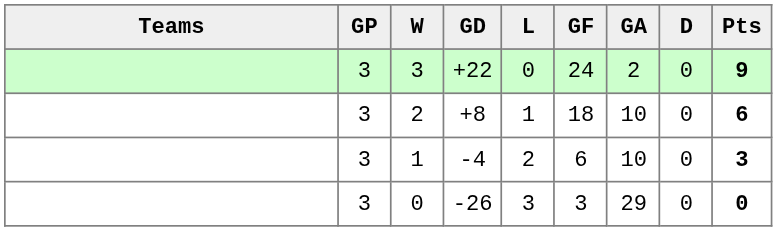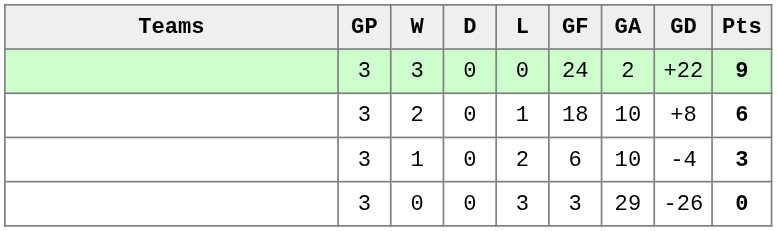 <table style=border-collapse:collapse border=1 cellspacing=0 cellpadding=5>
 <tr align=center bgcolor=#efefef>
 <th width=185>Teams</th>
 <th width=20>GP</th>
 <th width=20>W</th>
-<th width=20>GD</th>
+<th width=20>D</th>
 <th width=20>L</th>
 <th width=20>GF</th>
 <th width=20>GA</th>
-<th width=20>D</th>
+<th width=20>GD</th>
 <th width=20>Pts<br></th>
 </tr>
 <tr align=center bgcolor="ccffcc">
 <td style="text-align:left;"></td>
 <td>3</td>
 <td>3</td>
-<td>+22</td>
+<td>0</td>
 <td>0</td>
 <td>24</td>
 <td>2</td>
-<td>0</td>
+<td>+22</td>
 <td><strong>9</strong></td>
 </tr>
 <tr align=center>
 <td style="text-align:left;"></td>
 <td>3</td>
 <td>2</td>
-<td>+8</td>
+<td>0</td>
 <td>1</td>
 <td>18</td>
 <td>10</td>
-<td>0</td>
+<td>+8</td>
 <td><strong>6</strong></td>
 </tr>
 <tr align=center>
 <td style="text-align:left;"></td>
 <td>3</td>
 <td>1</td>
-<td>-4</td>
+<td>0</td>
 <td>2</td>
 <td>6</td>
 <td>10</td>
-<td>0</td>
+<td>-4</td>
 <td><strong>3</strong></td>
 </tr>
 <tr align=center>
 <td style="text-align:left;"></td>
 <td>3</td>
 <td>0</td>
-<td>-26</td>
+<td>0</td>
 <td>3</td>
 <td>3</td>
 <td>29</td>
-<td>0</td>
+<td>-26</td>
 <td><strong>0</strong></td>
 </tr>
 </table>
